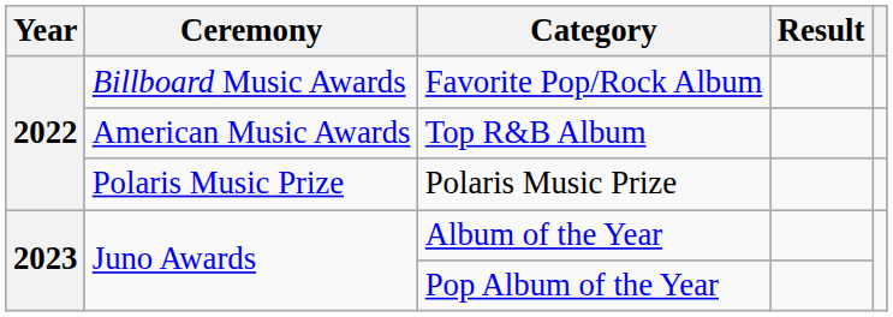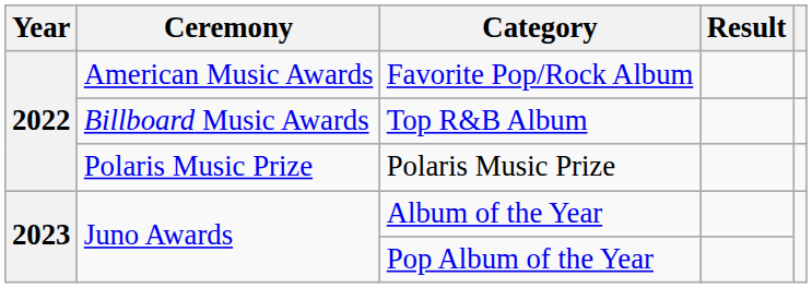 <table class="wikitable sortable plainrowheaders" style="border:none; margin:0;">
 <tr>
 <th scope="col">Year</th>
 <th scope="col">Ceremony</th>
 <th scope="col">Category</th>
 <th scope="col">Result</th>
 <th scope="col" class="unsortable"></th>
 </tr>
 <tr>
 <th scope="row" rowspan="3">2022</th>
-<td><a href='#'><em>Billboard</em> Music Awards</a></td>
+<td><a href='#'>American Music Awards</a></td>
 <td><a href='#'>Favorite Pop/Rock Album</a></td>
 <td></td>
 <td></td>
 </tr>
 <tr>
-<td><a href='#'>American Music Awards</a></td>
+<td><a href='#'><em>Billboard</em> Music Awards</a></td>
 <td><a href='#'>Top R&B Album</a></td>
 <td></td>
 <td></td>
 </tr>
 <tr>
 <td><a href='#'>Polaris Music Prize</a></td>
 <td>Polaris Music Prize</td>
 <td></td>
 <td></td>
 </tr>
 <tr>
 <th scope="row" rowspan="2">2023</th>
 <td rowspan="2"><a href='#'>Juno Awards</a></td>
 <td><a href='#'>Album of the Year</a></td>
 <td></td>
 <td rowspan="2"></td>
 </tr>
 <tr>
 <td><a href='#'>Pop Album of the Year</a></td>
 <td></td>
 </tr>
 </table>
